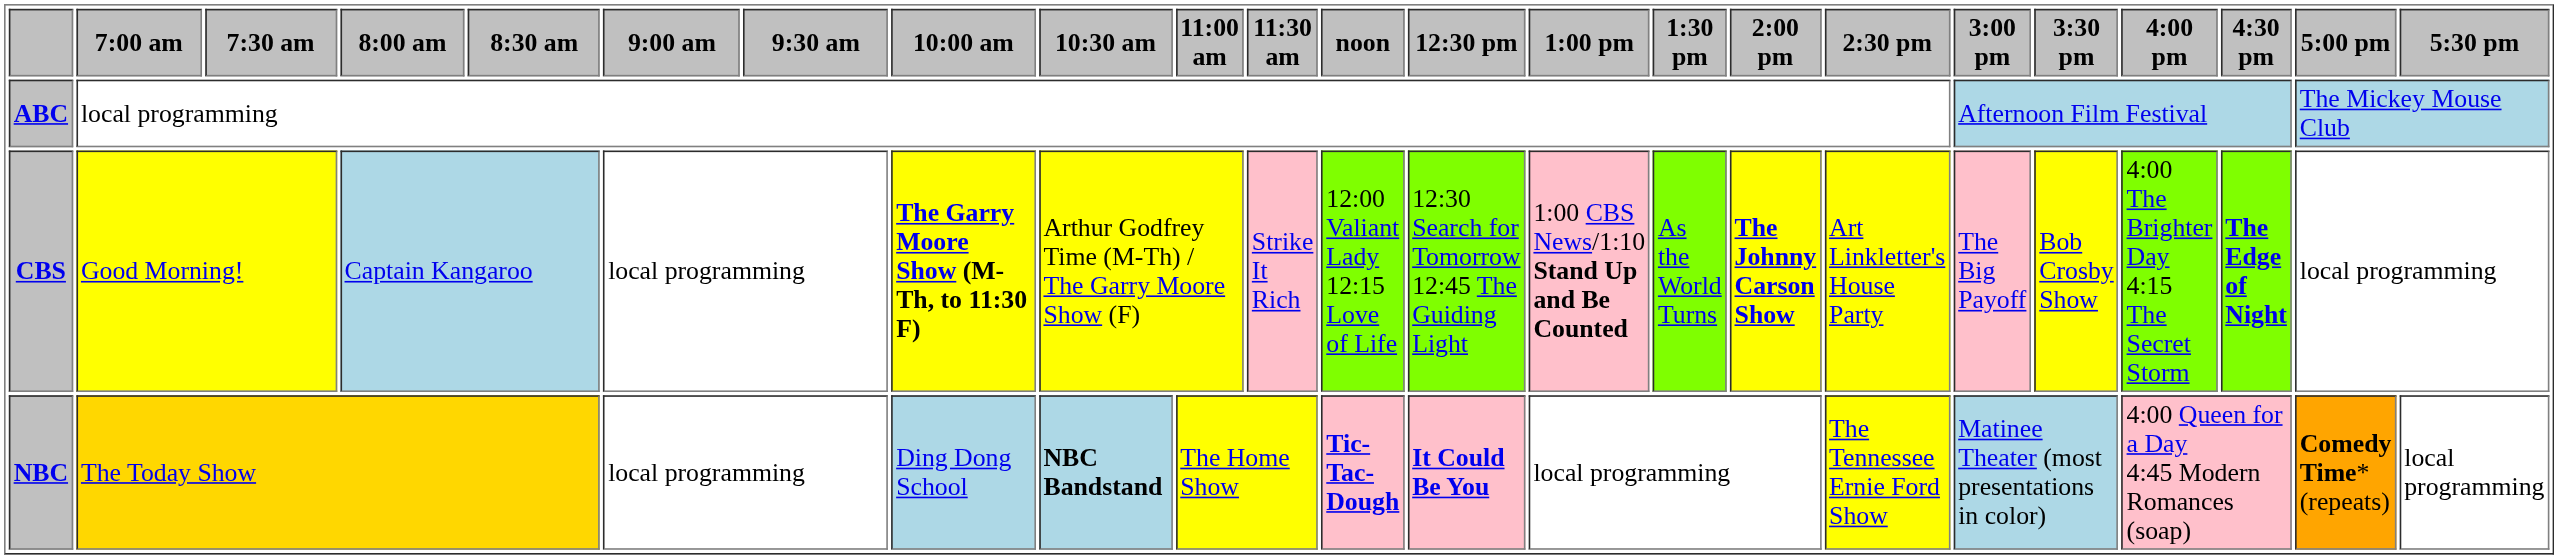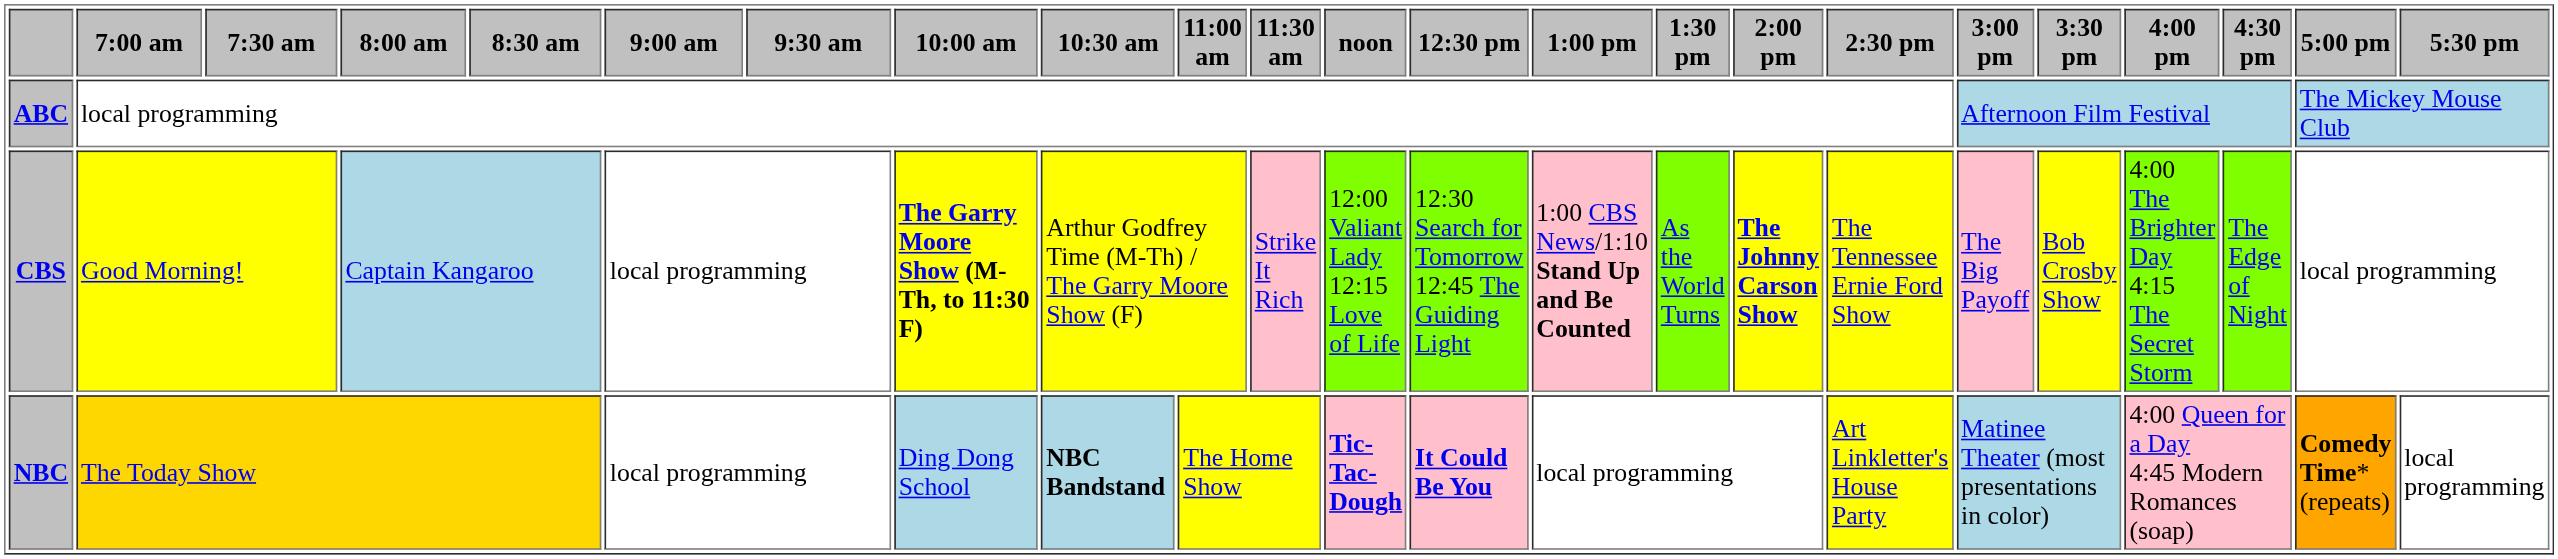 <table border="1" cellpadding="2">
 <tr>
 <th bgcolor="#C0C0C0"> </th>
 <th width="13%" bgcolor="#C0C0C0">7:00 am</th>
 <th width="14%" bgcolor="#C0C0C0">7:30 am</th>
 <th width="13%" bgcolor="#C0C0C0">8:00 am</th>
 <th width="14%" bgcolor="#C0C0C0">8:30 am</th>
 <th width="13%" bgcolor="#C0C0C0">9:00 am</th>
 <th width="14%" bgcolor="#C0C0C0">9:30 am</th>
 <th width="13%" bgcolor="#C0C0C0">10:00 am</th>
 <th width="14%" bgcolor="#C0C0C0">10:30 am</th>
 <th width="13%" bgcolor="#C0C0C0">11:00 am</th>
 <th width="14%" bgcolor="#C0C0C0">11:30 am</th>
 <th width="13%" bgcolor="#C0C0C0">noon</th>
 <th width="14%" bgcolor="#C0C0C0">12:30 pm</th>
 <th width="13%" bgcolor="#C0C0C0">1:00 pm</th>
 <th width="14%" bgcolor="#C0C0C0">1:30 pm</th>
 <th width="13%" bgcolor="#C0C0C0">2:00 pm</th>
 <th width="14%" bgcolor="#C0C0C0">2:30 pm</th>
 <th width="13%" bgcolor="#C0C0C0">3:00 pm</th>
 <th width="14%" bgcolor="#C0C0C0">3:30 pm</th>
 <th width="13%" bgcolor="#C0C0C0">4:00 pm</th>
 <th width="14%" bgcolor="#C0C0C0">4:30 pm</th>
 <th width="13%" bgcolor="#C0C0C0">5:00 pm</th>
 <th width="14%" bgcolor="#C0C0C0">5:30 pm</th>
 </tr>
 <tr>
 <th bgcolor="#C0C0C0"><a href='#'>ABC</a></th>
 <td bgcolor="white" colspan="16">local programming</td>
 <td bgcolor="lightblue" colspan="4"><a href='#'>Afternoon Film Festival</a></td>
 <td bgcolor="lightblue" colspan="2"><a href='#'>The Mickey Mouse Club</a></td>
 </tr>
 <tr>
 <th bgcolor="#C0C0C0"><a href='#'>CBS</a></th>
 <td bgcolor="yellow" colspan="2"><a href='#'>Good Morning!</a></td>
 <td bgcolor="lightblue" colspan="2"><a href='#'>Captain Kangaroo</a></td>
 <td bgcolor="white" colspan="2">local programming</td>
 <td bgcolor="yellow"><strong><a href='#'>The Garry Moore Show</a> (M-Th, to 11:30 F)</strong></td>
 <td bgcolor="yellow" colspan="2">Arthur Godfrey Time (M-Th) / <a href='#'>The Garry Moore Show</a> (F)</td>
 <td bgcolor="pink"><a href='#'>Strike It Rich</a></td>
 <td bgcolor="chartreuse">12:00 <a href='#'>Valiant Lady</a><br>12:15 <a href='#'>Love of Life</a></td>
 <td bgcolor="chartreuse">12:30 <a href='#'>Search for Tomorrow</a><br>12:45 <a href='#'>The Guiding Light</a></td>
 <td bgcolor="pink">1:00 <a href='#'>CBS News</a>/1:10 <strong>Stand Up and Be Counted</strong></td>
 <td bgcolor="chartreuse"><a href='#'>As the World Turns</a></td>
 <td bgcolor="yellow"><strong><a href='#'>The Johnny Carson Show</a></strong></td>
-<td bgcolor="yellow"><a href='#'>Art Linkletter's House Party</a></td>
+<td bgcolor="yellow"><a href='#'>The Tennessee Ernie Ford Show</a></td>
 <td bgcolor="pink"><a href='#'>The Big Payoff</a></td>
 <td bgcolor="yellow"><a href='#'>Bob Crosby Show</a></td>
 <td bgcolor="chartreuse">4:00 <a href='#'>The Brighter Day</a><br>4:15 <a href='#'>The Secret Storm</a></td>
-<td bgcolor="chartreuse"><strong><a href='#'>The Edge of Night</a></strong></td>
+<td bgcolor="chartreuse"><a href='#'>The Edge of Night</a></td>
 <td bgcolor="white" colspan="2">local programming</td>
 </tr>
 <tr>
 <th bgcolor="#C0C0C0"><a href='#'>NBC</a></th>
 <td bgcolor="gold" colspan="4"><a href='#'>The Today Show</a></td>
 <td bgcolor="white" colspan="2">local programming</td>
 <td bgcolor="lightblue"><a href='#'>Ding Dong School</a></td>
 <td bgcolor="lightblue"><strong>NBC Bandstand</strong></td>
 <td colspan="2" bgcolor="yellow"><a href='#'>The Home Show</a></td>
 <td bgcolor="pink"><strong><a href='#'>Tic-Tac-Dough</a></strong></td>
 <td bgcolor="pink"><strong><a href='#'>It Could Be You</a> </strong></td>
 <td bgcolor="white" colspan="3">local programming</td>
-<td bgcolor="yellow"><a href='#'>The Tennessee Ernie Ford Show</a></td>
+<td bgcolor="yellow"><a href='#'>Art Linkletter's House Party</a></td>
 <td bgcolor="lightblue" colspan="2"><a href='#'>Matinee Theater</a> (most presentations in color)</td>
 <td bgcolor="pink" colspan="2">4:00 <a href='#'>Queen for a Day</a><br>4:45 Modern Romances (soap)</td>
 <td bgcolor="orange"><strong>Comedy Time</strong>* (repeats)</td>
 <td bgcolor="white">local programming</td>
 </tr>
 </table>
